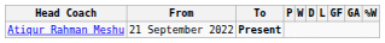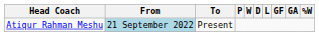 <table class="wikitable sortable" style="text-align:center">
 <tr>
 <th>Head Coach</th>
 <th Class="unsortable">From</th>
 <th Class="unsortable">To</th>
 <th abbr="3">P</th>
 <th abbr="1">W</th>
 <th abbr="1">D</th>
 <th abbr="1">L</th>
 <th abbr="4">GF</th>
 <th abbr="6">GA</th>
 <th abbr="50">%W</th>
 </tr>
 <tr>
 <td align=left> <a href='#'>Atiqur Rahman Meshu</a></td>
-<td align=left>21 September 2022</td>
-<td align=left><strong>Present<br></strong></td>
+<td align=left style="background: lightblue;">21 September 2022</td>
+<td align=left>Present<br></td>
 </tr>
 </table>
